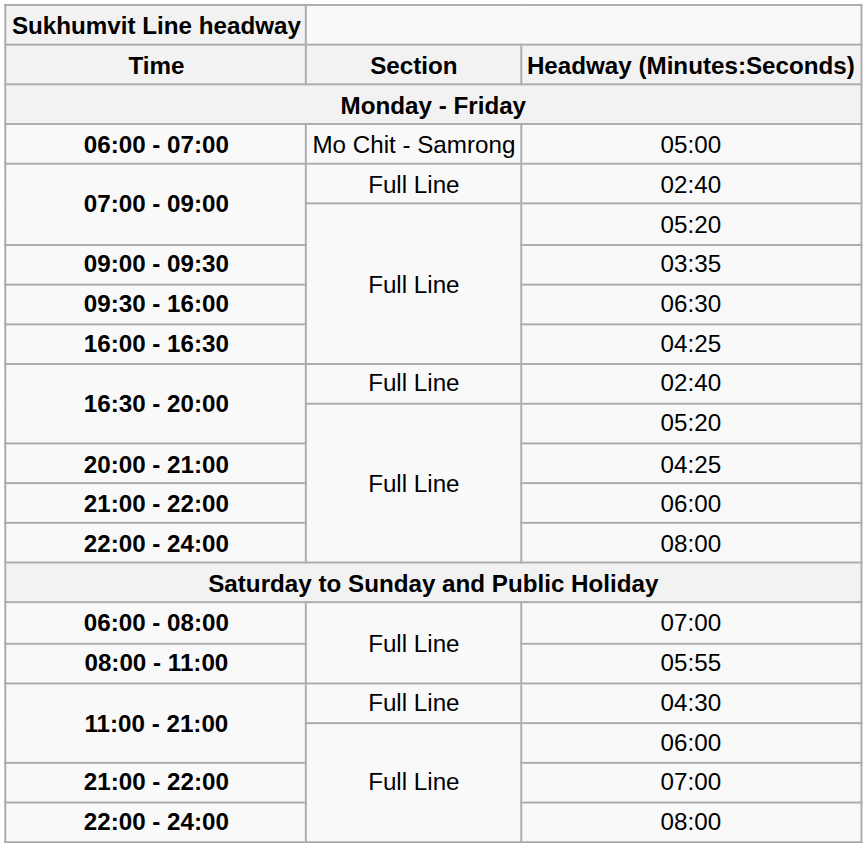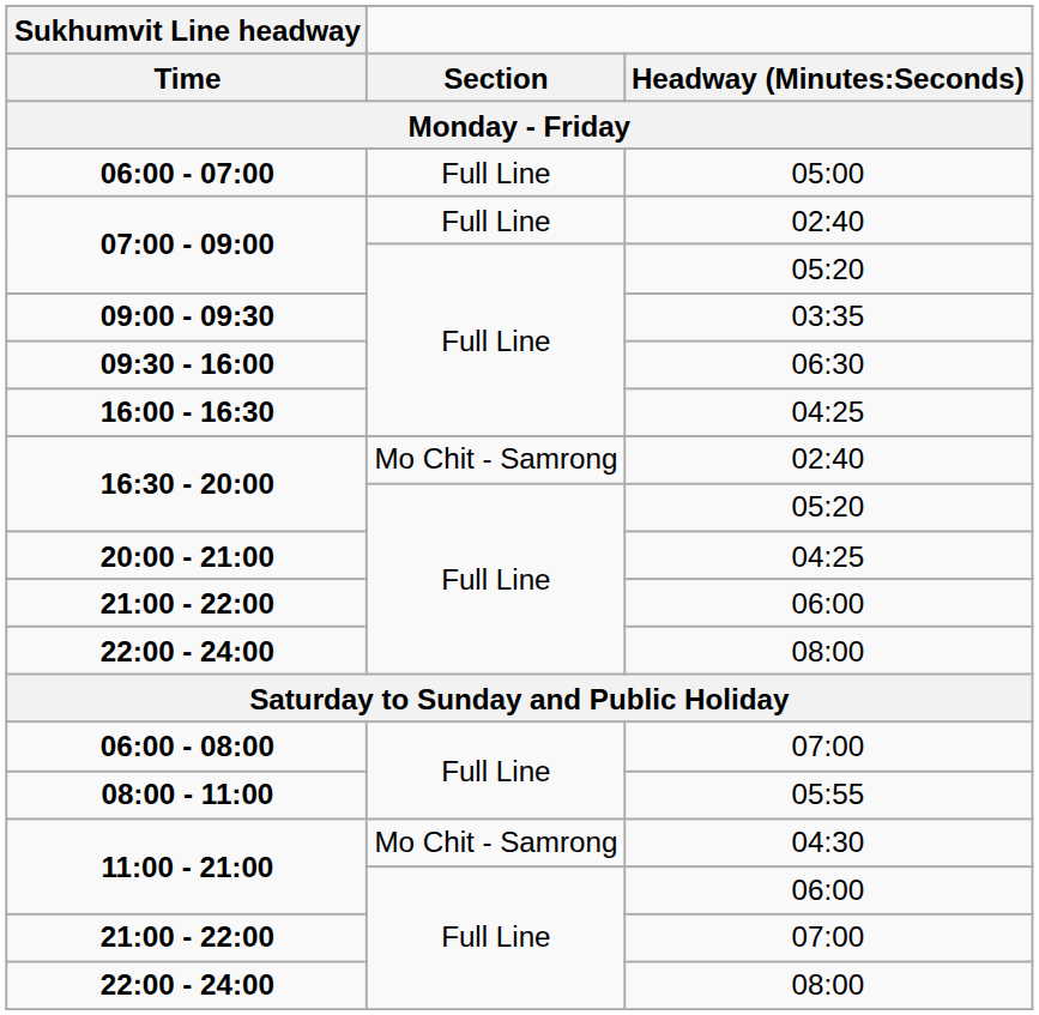 <table class="wikitable" style="margin:auto;font-align:center;text-align:center;font-size:80%;">
 <tr>
 <th style="background:#"><strong>Sukhumvit Line headway</strong></th>
 </tr>
 <tr>
 <th style="background:#">Time</th>
 <th style="background:#">Section</th>
 <th style="background:#">Headway (Minutes:Seconds)</th>
 </tr>
 <tr>
 <th colspan="3">Monday - Friday</th>
 </tr>
 <tr>
 <td><strong>06:00 - 07:00</strong></td>
-<td> Mo Chit -  Samrong</td>
+<td>Full Line</td>
 <td>05:00</td>
 </tr>
 <tr>
 <td rowspan="2"><strong>07:00 - 09:00</strong></td>
 <td>Full Line</td>
 <td>02:40</td>
 </tr>
 <tr>
 <td rowspan="4">Full Line</td>
 <td>05:20</td>
 </tr>
 <tr>
 <td><strong>09:00 - 09:30</strong></td>
 <td>03:35</td>
 </tr>
 <tr>
 <td><strong>09:30 - 16:00</strong></td>
 <td>06:30</td>
 </tr>
 <tr>
 <td><strong>16:00 - 16:30</strong></td>
 <td>04:25</td>
 </tr>
 <tr>
 <td rowspan="2"><strong>16:30 - 20:00</strong></td>
-<td>Full Line</td>
+<td> Mo Chit -  Samrong</td>
 <td>02:40</td>
 </tr>
 <tr>
 <td rowspan="4">Full Line</td>
 <td>05:20</td>
 </tr>
 <tr>
 <td><strong>20:00 - 21:00</strong></td>
 <td>04:25</td>
 </tr>
 <tr>
 <td><strong>21:00 - 22:00</strong></td>
 <td>06:00</td>
 </tr>
 <tr>
 <td><strong>22:00 - 24:00</strong></td>
 <td>08:00</td>
 </tr>
 <tr>
 <th colspan="3">Saturday to Sunday and Public Holiday</th>
 </tr>
 <tr>
 <td><strong>06:00 - 08:00</strong></td>
 <td rowspan="2">Full Line</td>
 <td>07:00</td>
 </tr>
 <tr>
 <td><strong>08:00 - 11:00</strong></td>
 <td>05:55</td>
 </tr>
 <tr>
 <td rowspan="2"><strong>11:00 - 21:00</strong></td>
-<td>Full Line</td>
+<td> Mo Chit -  Samrong</td>
 <td>04:30</td>
 </tr>
 <tr>
 <td rowspan="3">Full Line</td>
 <td>06:00</td>
 </tr>
 <tr>
 <td><strong>21:00 - 22:00</strong></td>
 <td>07:00</td>
 </tr>
 <tr>
 <td><strong>22:00 - 24:00</strong></td>
 <td>08:00</td>
 </tr>
 </table>
